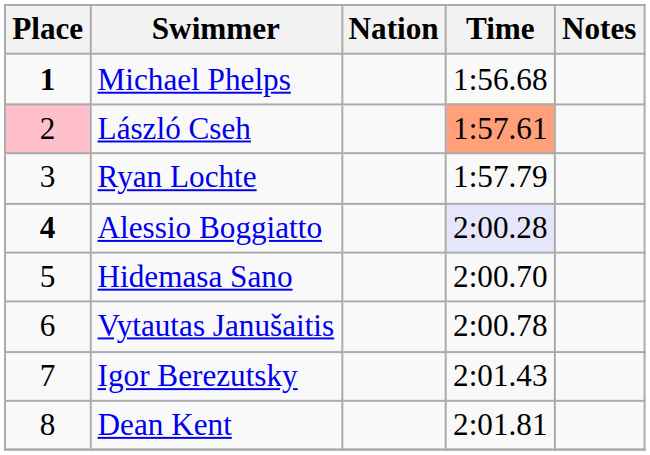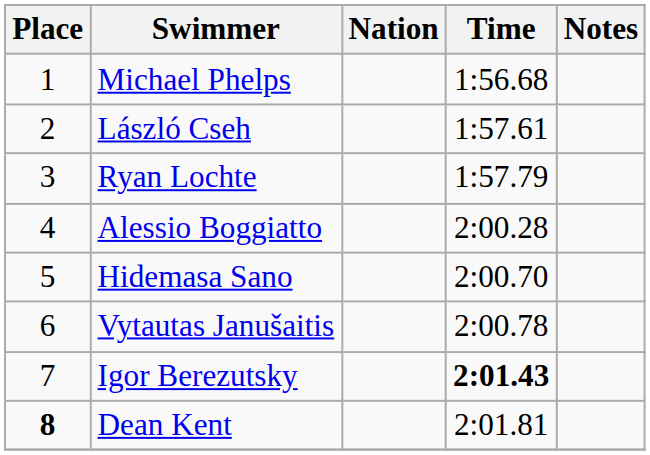 <table class="wikitable sortable" style="text-align:center">
 <tr>
 <th>Place</th>
 <th>Swimmer</th>
 <th>Nation</th>
 <th>Time</th>
 <th>Notes</th>
 </tr>
 <tr>
-<td><strong>1</strong></td>
+<td>1</td>
 <td align=left><a href='#'>Michael Phelps</a></td>
 <td align=left></td>
 <td>1:56.68</td>
 <td></td>
 </tr>
 <tr>
-<td style="background: pink;">2</td>
+<td>2</td>
 <td align=left><a href='#'>László Cseh</a></td>
 <td align=left></td>
-<td style="background: lightsalmon;">1:57.61</td>
+<td>1:57.61</td>
 <td></td>
 </tr>
 <tr>
 <td>3</td>
 <td align=left><a href='#'>Ryan Lochte</a></td>
 <td align=left></td>
 <td>1:57.79</td>
 <td></td>
 </tr>
 <tr>
-<td><strong>4</strong></td>
+<td>4</td>
 <td align=left><a href='#'>Alessio Boggiatto</a></td>
 <td align=left></td>
-<td style="background: lavender;">2:00.28</td>
+<td>2:00.28</td>
 <td></td>
 </tr>
 <tr>
 <td>5</td>
 <td align=left><a href='#'>Hidemasa Sano</a></td>
 <td align=left></td>
 <td>2:00.70</td>
 <td></td>
 </tr>
 <tr>
 <td>6</td>
 <td align=left><a href='#'>Vytautas Janušaitis</a></td>
 <td align=left></td>
 <td>2:00.78</td>
 <td></td>
 </tr>
 <tr>
 <td>7</td>
 <td align=left><a href='#'>Igor Berezutsky</a></td>
 <td align=left></td>
-<td>2:01.43</td>
+<td><strong>2:01.43</strong></td>
 <td></td>
 </tr>
 <tr>
-<td>8</td>
+<td><strong>8</strong></td>
 <td align=left><a href='#'>Dean Kent</a></td>
 <td align=left></td>
 <td>2:01.81</td>
 <td></td>
 </tr>
 <tr>
 </tr>
 </table>
